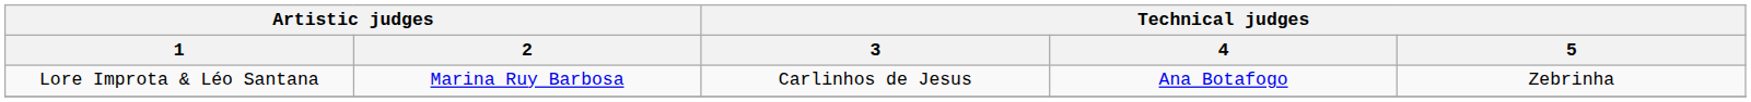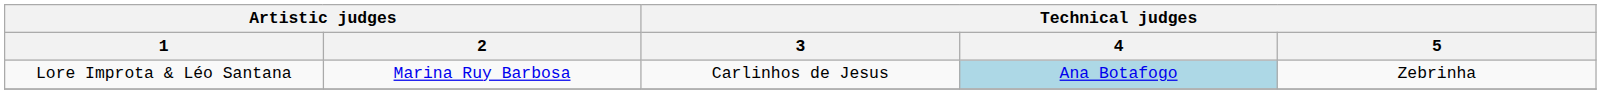 <table class="wikitable" style="font-size:100%; line-height:16px; text-align:center" width="100%">
 <tr>
 <th colspan=2>Artistic judges</th>
 <th colspan=3>Technical judges</th>
 </tr>
 <tr>
 <th width="20%">1</th>
 <th width="20%">2</th>
 <th width="20%">3</th>
 <th width="20%">4</th>
 <th width="20%">5</th>
 </tr>
 <tr>
 <td>Lore Improta & Léo Santana</td>
 <td><a href='#'>Marina Ruy Barbosa</a></td>
 <td>Carlinhos de Jesus</td>
-<td><a href='#'>Ana Botafogo</a></td>
+<td style="background: lightblue;"><a href='#'>Ana Botafogo</a></td>
 <td>Zebrinha</td>
 </tr>
 <tr>
 </tr>
 </table>
